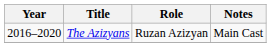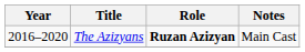 <table class="wikitable sortable plainrowheaders">
 <tr>
 <th>Year</th>
 <th>Title</th>
 <th>Role</th>
 <th class="unsortable">Notes</th>
 </tr>
 <tr>
 <td>2016–2020</td>
 <td><em><a href='#'>The Azizyans</a></em></td>
-<td>Ruzan Azizyan</td>
+<td><strong>Ruzan Azizyan</strong></td>
 <td>Main Cast</td>
 </tr>
 <tr>
 </tr>
 </table>
